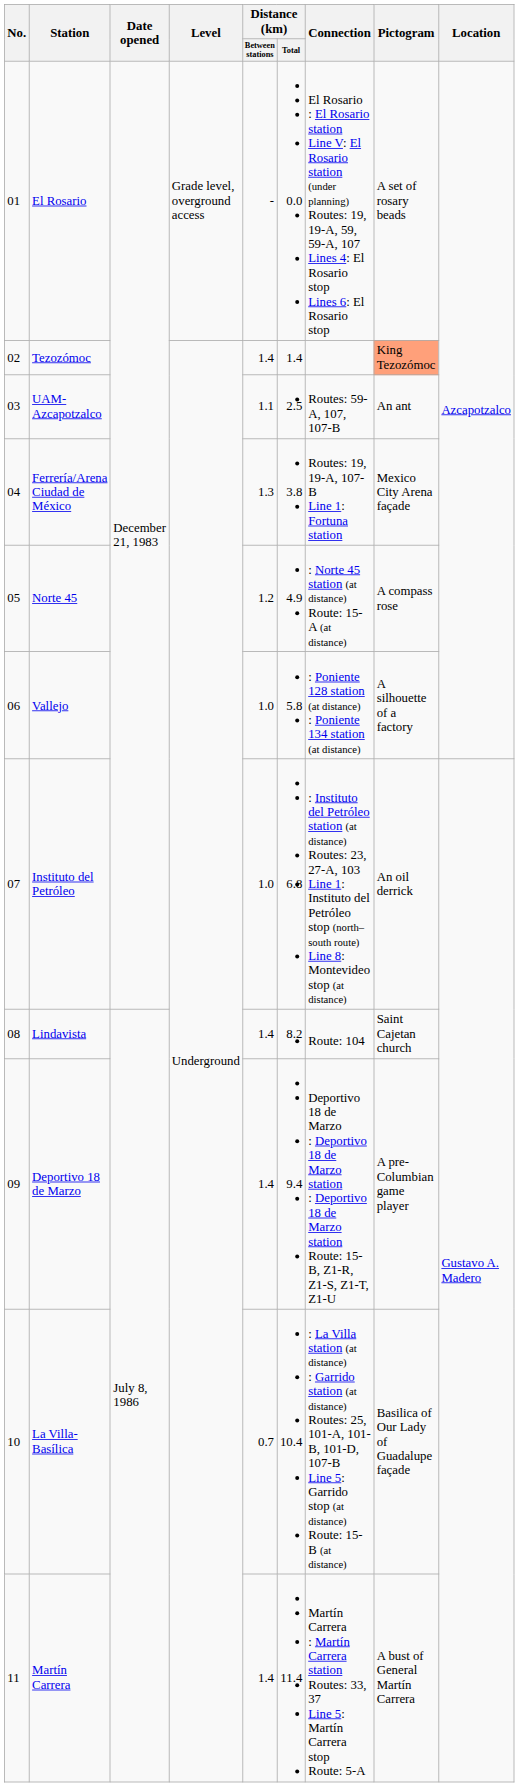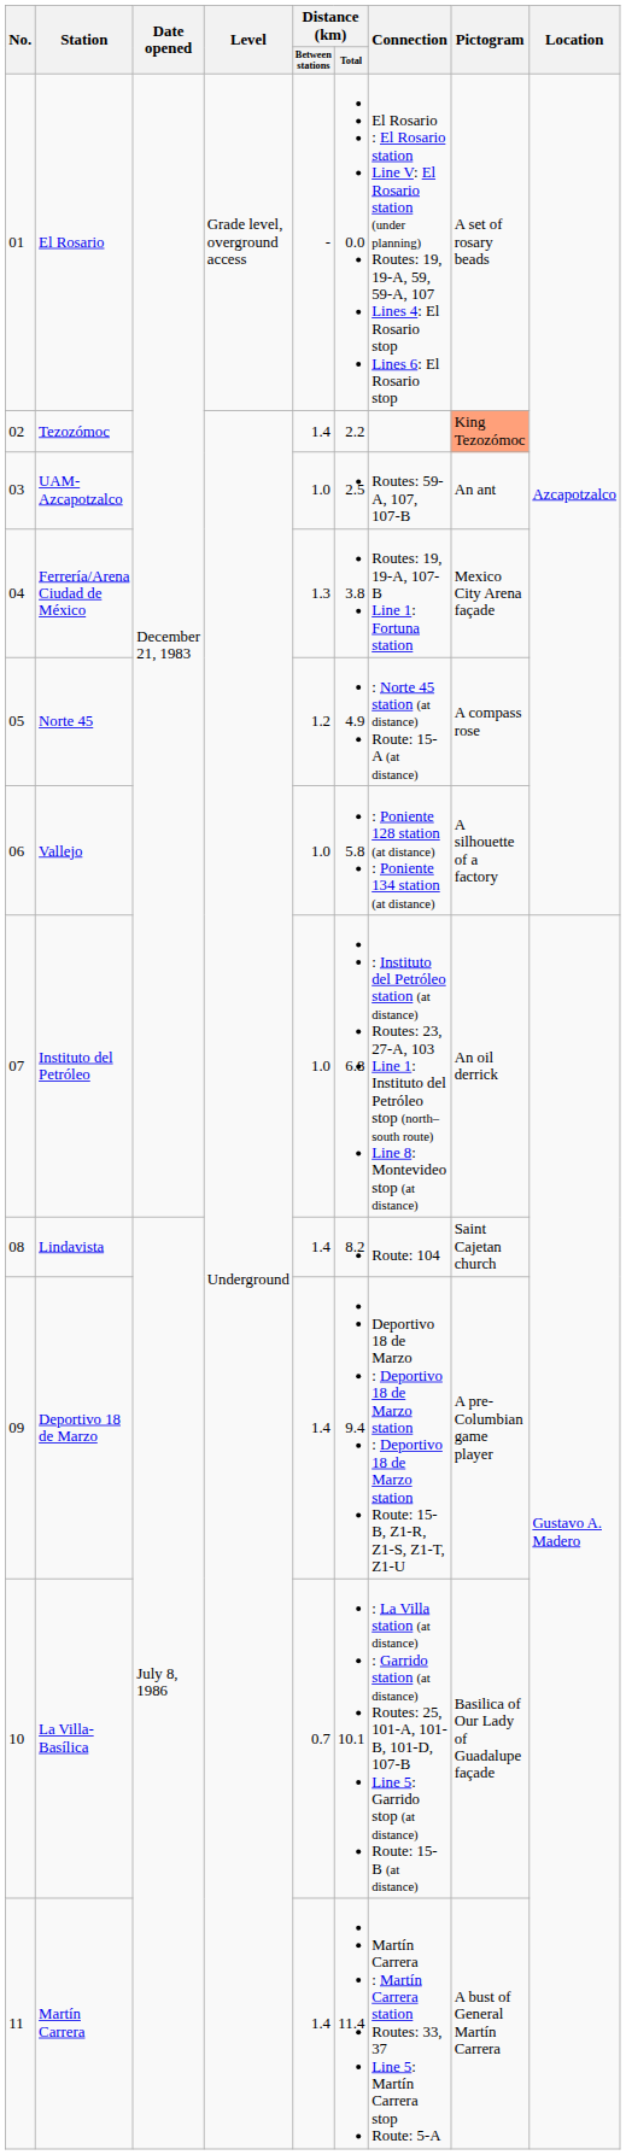 <table class="wikitable" rules="all">
 <tr>
 <th rowspan="2">No.</th>
 <th rowspan="2">Station</th>
 <th rowspan="2">Date opened</th>
 <th rowspan="2">Level</th>
 <th colspan="2">Distance (km)</th>
 <th rowspan="2">Connection</th>
 <th rowspan="2">Pictogram</th>
 <th rowspan="2">Location</th>
 </tr>
 <tr>
 <th style="font-size: 65%;">Between<br>stations</th>
 <th style="font-size: 65%;">Total</th>
 </tr>
 <tr>
 <td style="background: #">01</td>
 <td><a href='#'>El Rosario</a> </td>
 <td rowspan="7">December 21, 1983</td>
 <td>Grade level, overground access</td>
 <td style="text-align:right;">-</td>
 <td style="text-align:right;">0.0</td>
 <td><br><li> </li> <li> El Rosario</li> <li> : <a href='#'>El Rosario station</a></li> <li> <a href='#'>Line V</a>: <a href='#'>El Rosario station</a> <small>(under planning)</small></li> <li> Routes: 19, 19-A, 59, 59-A, 107</li> <li>  <a href='#'>Lines 4</a>: El Rosario stop<li>  <a href='#'>Lines 6</a>: El Rosario stop</td>
 <td>A set of rosary beads</td>
 <td rowspan="6"><a href='#'>Azcapotzalco</a></td>
 </tr>
 <tr>
 <td style="background: #">02</td>
 <td><a href='#'>Tezozómoc</a></td>
 <td rowspan="10">Underground</td>
 <td style="text-align:right;">1.4</td>
-<td style="text-align:right;">1.4</td>
+<td style="text-align:right;">2.2</td>
 <td></td>
 <td style="background: lightsalmon;">King Tezozómoc</td>
 </tr>
 <tr>
 <td style="background: #">03</td>
 <td><a href='#'>UAM-Azcapotzalco</a></td>
-<td style="text-align:right;">1.1</td>
+<td style="text-align:right;">1.0</td>
 <td style="text-align:right;">2.5</td>
 <td><br><li> Routes: 59-A, 107, 107-B</td>
 <td>An ant</td>
 </tr>
 <tr>
 <td style="background: #">04</td>
 <td><a href='#'>Ferrería/Arena Ciudad de México</a></td>
 <td style="text-align:right;">1.3</td>
 <td style="text-align:right;">3.8</td>
 <td><br><li> Routes: 19, 19-A, 107-B</li> <li>  <a href='#'>Line 1</a>: <a href='#'>Fortuna station</a></td>
 <td>Mexico City Arena façade</td>
 </tr>
 <tr>
 <td style="background: #">05</td>
 <td><a href='#'>Norte 45</a></td>
 <td style="text-align:right;">1.2</td>
 <td style="text-align:right;">4.9</td>
 <td><br><li> : <a href='#'>Norte 45 station</a> <small>(at distance)</small></li> <li> Route: 15-A <small>(at distance)</small></td>
 <td>A compass rose</td>
 </tr>
 <tr>
 <td style="background: #">06</td>
 <td><a href='#'>Vallejo</a></td>
 <td style="text-align:right;">1.0</td>
 <td style="text-align:right;">5.8</td>
 <td><br><li> : <a href='#'>Poniente 128 station</a> <small>(at distance)</small></li> <li> : <a href='#'>Poniente 134 station</a> <small>(at distance)</small></td>
 <td>A silhouette of a factory</td>
 </tr>
 <tr>
 <td style="background: #">07</td>
 <td><a href='#'>Instituto del Petróleo</a></td>
 <td style="text-align:right;">1.0</td>
 <td style="text-align:right;">6.8</td>
 <td><br><li> </li> <li> : <a href='#'>Instituto del Petróleo station</a> <small>(at distance)</small></li> <li> Routes: 23, 27-A, 103</li> <li>  <a href='#'>Line 1</a>: Instituto del Petróleo stop <small>(north–south route)</small></li> <li>  <a href='#'>Line 8</a>: Montevideo stop <small>(at distance)</small></td>
 <td>An oil derrick</td>
 <td rowspan="5"><a href='#'>Gustavo A. Madero</a></td>
 </tr>
 <tr>
 <td style="background: #">08</td>
 <td><a href='#'>Lindavista</a> </td>
 <td rowspan="4">July 8, 1986</td>
 <td style="text-align:right;">1.4</td>
 <td style="text-align:right;">8.2</td>
 <td><br><li> Route: 104</td>
 <td>Saint Cajetan church</td>
 </tr>
 <tr>
 <td style="background: #">09</td>
 <td><a href='#'>Deportivo 18 de Marzo</a> </td>
 <td style="text-align:right;">1.4</td>
 <td style="text-align:right;">9.4</td>
 <td><br><li> </li> <li> Deportivo 18 de Marzo</li> <li> : <a href='#'>Deportivo 18 de Marzo station</a></li> <li> : <a href='#'>Deportivo 18 de Marzo station</a></li> <li> Route: 15-B, Z1-R, Z1-S, Z1-T, Z1-U</td>
 <td>A pre-Columbian game player</td>
 </tr>
 <tr>
 <td style="background: #">10</td>
 <td><a href='#'>La Villa-Basílica</a></td>
 <td style="text-align:right;">0.7</td>
-<td style="text-align:right;">10.4</td>
+<td style="text-align:right;">10.1</td>
 <td><br><li> : <a href='#'>La Villa station</a> <small>(at distance)</small></li> <li> : <a href='#'>Garrido station</a> <small>(at distance)</small></li> <li> Routes: 25, 101-A, 101-B, 101-D, 107-B</li> <li>  <a href='#'>Line 5</a>: Garrido stop <small>(at distance)</small></li> <li> Route: 15-B <small>(at distance)</small></td>
 <td>Basilica of Our Lady of Guadalupe façade</td>
 </tr>
 <tr>
 <td style="background: #">11</td>
 <td><a href='#'>Martín Carrera</a></td>
 <td style="text-align:right;">1.4</td>
 <td style="text-align:right;">11.4</td>
 <td><br><li> </li> <li> Martín Carrera</li> <li> : <a href='#'>Martín Carrera station</a></li> <li> Routes: 33, 37</li> <li>  <a href='#'>Line 5</a>: Martín Carrera stop</li> <li> Route: 5-A</td>
 <td>A bust of General Martín Carrera</td>
 </tr>
 </table>
